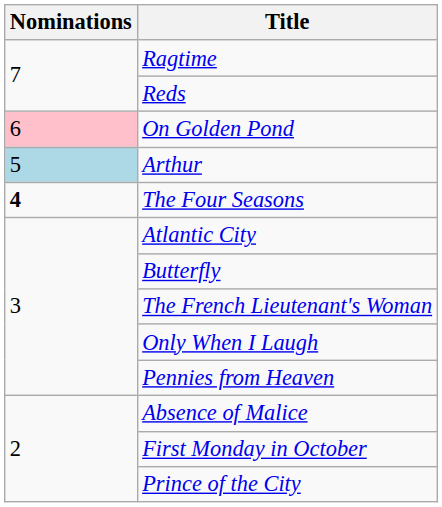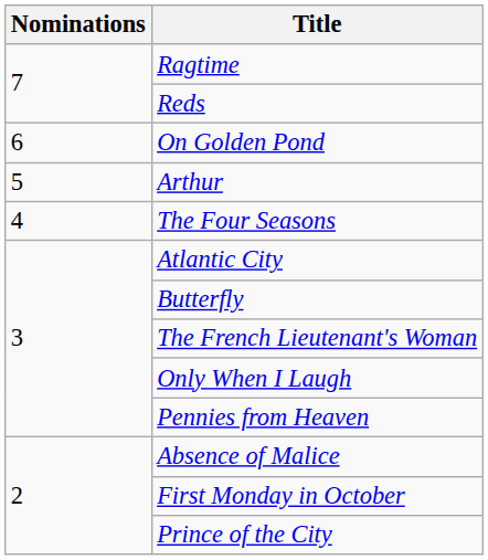 <table class="wikitable">
 <tr>
 <th>Nominations</th>
 <th>Title</th>
 </tr>
 <tr>
 <td rowspan="2">7</td>
 <td><em><a href='#'>Ragtime</a></em></td>
 </tr>
 <tr>
 <td><em><a href='#'>Reds</a></em></td>
 </tr>
 <tr>
-<td style="background: pink;">6</td>
+<td>6</td>
 <td><em><a href='#'>On Golden Pond</a></em></td>
 </tr>
 <tr>
-<td style="background: lightblue;">5</td>
+<td>5</td>
 <td><em><a href='#'>Arthur</a></em></td>
 </tr>
 <tr>
-<td><strong>4</strong></td>
+<td>4</td>
 <td><em><a href='#'>The Four Seasons</a></em></td>
 </tr>
 <tr>
 <td rowspan="5">3</td>
 <td><em><a href='#'>Atlantic City</a></em></td>
 </tr>
 <tr>
 <td><em><a href='#'>Butterfly</a></em></td>
 </tr>
 <tr>
 <td><em><a href='#'>The French Lieutenant's Woman</a></em></td>
 </tr>
 <tr>
 <td><em><a href='#'>Only When I Laugh</a></em></td>
 </tr>
 <tr>
 <td><em><a href='#'>Pennies from Heaven</a></em></td>
 </tr>
 <tr>
 <td rowspan="3">2</td>
 <td><em><a href='#'>Absence of Malice</a></em></td>
 </tr>
 <tr>
 <td><em><a href='#'>First Monday in October</a></em></td>
 </tr>
 <tr>
 <td><em><a href='#'>Prince of the City</a></em></td>
 </tr>
 </table>
